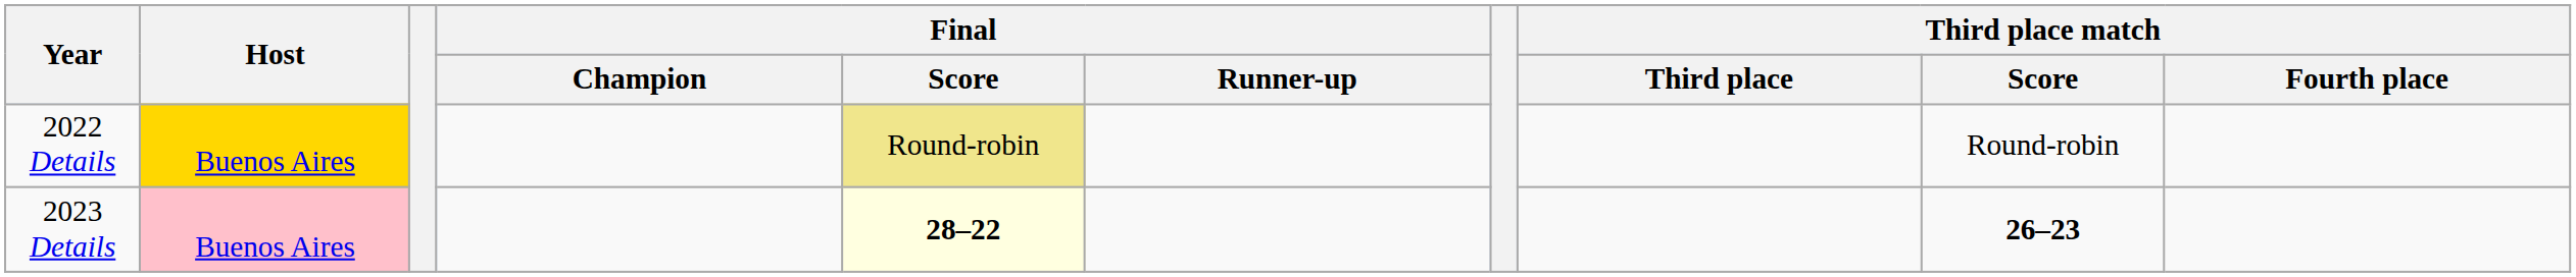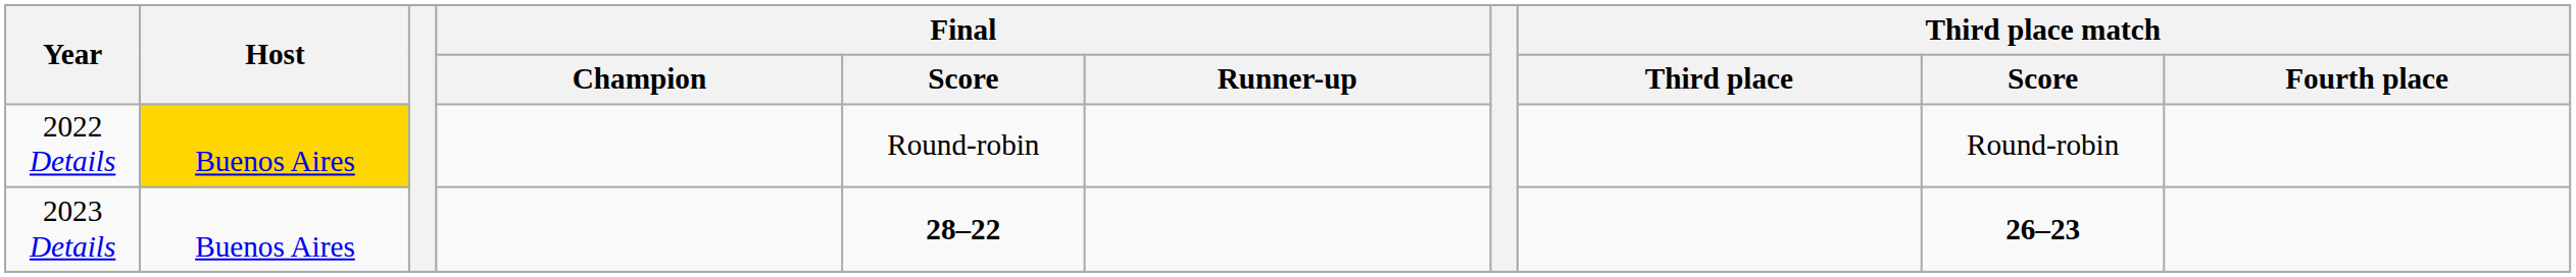 <table class="wikitable" style="font-size:90%; width: 98%; text-align: center;">
 <tr bgcolor=#C1D8FF>
 <th rowspan=2 width=5%>Year</th>
 <th rowspan=2 width=10%>Host</th>
 <th width=1% rowspan=4 bgcolor=ffffff></th>
 <th colspan=3>Final</th>
 <th width=1% rowspan=4 bgcolor=ffffff></th>
 <th colspan=3>Third place match</th>
 </tr>
 <tr bgcolor=#EFEFEF>
 <th width=15%>Champion</th>
 <th width=9%>Score</th>
 <th width=15%>Runner-up</th>
 <th width=15%>Third place</th>
 <th width=9%>Score</th>
 <th width=15%>Fourth place</th>
 </tr>
 <tr>
 <td>2022<br><em><a href='#'>Details</a></em></td>
 <td style="background: gold;"><br><a href='#'>Buenos Aires</a></td>
 <td><strong></strong></td>
-<td style="background: khaki;">Round-robin</td>
+<td>Round-robin</td>
 <td></td>
 <td></td>
 <td>Round-robin</td>
 <td></td>
 </tr>
 <tr>
 <td>2023<br><em><a href='#'>Details</a></em></td>
-<td style="background: pink;"><br><a href='#'>Buenos Aires</a></td>
+<td><br><a href='#'>Buenos Aires</a></td>
 <td><strong></strong></td>
-<td style="background: lightyellow;"><strong>28–22</strong></td>
+<td><strong>28–22</strong></td>
 <td></td>
 <td></td>
 <td><strong>26–23</strong></td>
 <td></td>
 </tr>
 </table>
